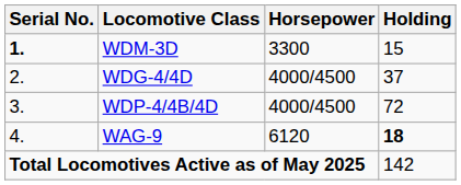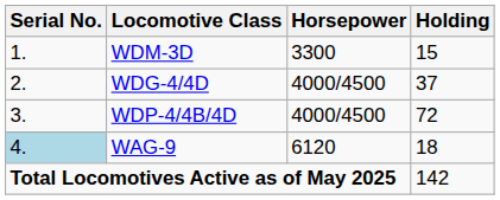 <table class="wikitable">
 <tr>
 <th>Serial No.</th>
 <th>Locomotive Class</th>
 <th>Horsepower</th>
 <th>Holding</th>
 </tr>
 <tr>
-<td><strong>1.</strong></td>
+<td>1.</td>
 <td><a href='#'>WDM-3D</a></td>
 <td>3300</td>
 <td>15</td>
 </tr>
 <tr>
 <td>2.</td>
 <td><a href='#'>WDG-4/4D</a></td>
 <td>4000/4500</td>
 <td>37</td>
 </tr>
 <tr>
 <td>3.</td>
 <td><a href='#'>WDP-4/4B/4D</a></td>
 <td>4000/4500</td>
 <td>72</td>
 </tr>
 <tr>
-<td>4.</td>
+<td style="background: lightblue;">4.</td>
 <td><a href='#'>WAG-9</a></td>
 <td>6120</td>
-<td><strong>18</strong></td>
+<td>18</td>
 </tr>
 <tr>
 <td colspan="3"><strong>Total Locomotives Active as of May 2025</strong></td>
 <td>142</td>
 </tr>
 </table>
